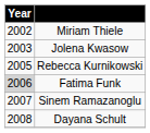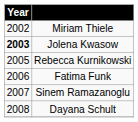 <table class="wikitable" style="font-size: 95%; text-align:center">
 <tr>
 <th style="background-color:#000000;color:#FFFFFF;">Year</th>
 <th style="background-color:#000000;color:#FFFFFF;"></th>
 </tr>
 <tr>
 <td>2002</td>
 <td>Miriam Thiele</td>
 </tr>
 <tr>
-<td>2003</td>
+<td><strong>2003</strong></td>
 <td>Jolena Kwasow</td>
 </tr>
 <tr>
 <td>2005</td>
 <td>Rebecca Kurnikowski</td>
 </tr>
 <tr>
-<td style="background: lightgrey;">2006</td>
+<td>2006</td>
 <td>Fatima Funk</td>
 </tr>
 <tr>
 <td>2007</td>
 <td>Sinem Ramazanoglu</td>
 </tr>
 <tr>
 <td>2008</td>
 <td>Dayana Schult</td>
 </tr>
 <tr>
 </tr>
 </table>
